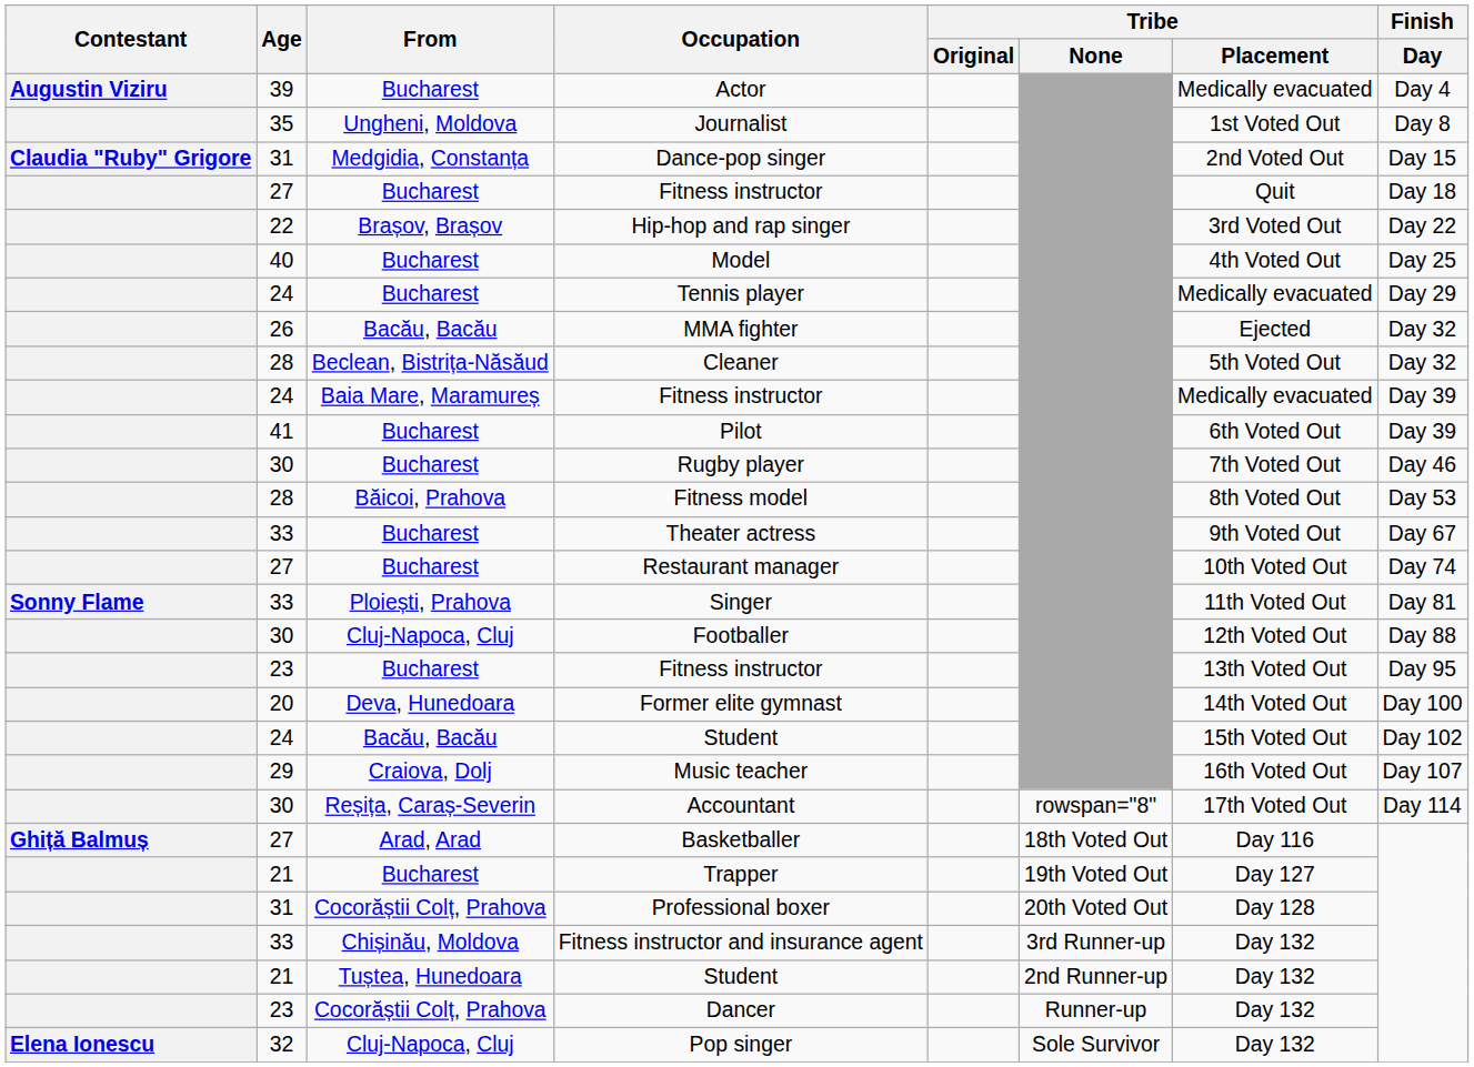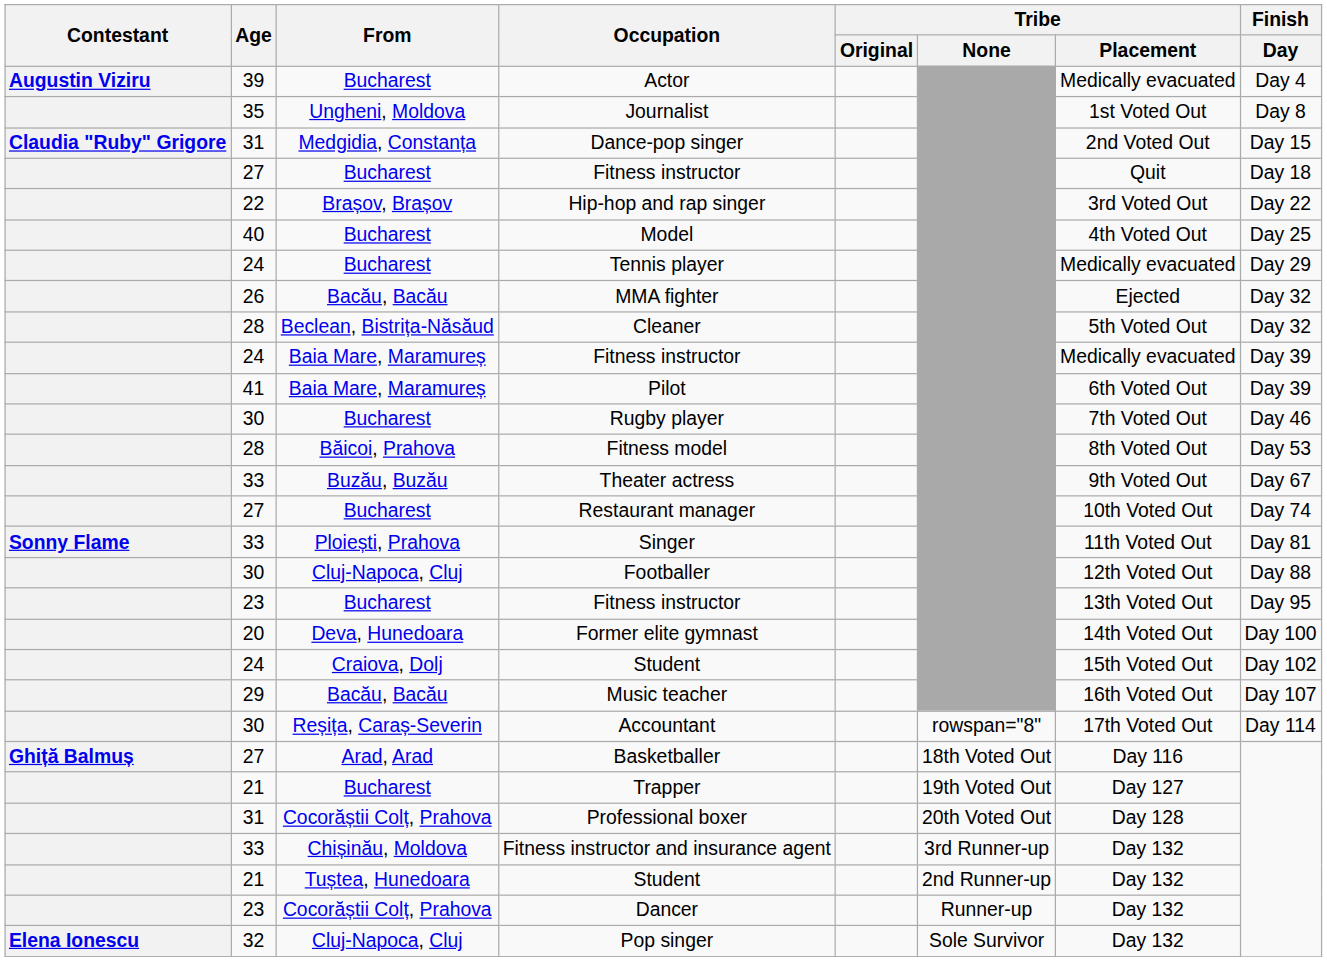 <table class="wikitable sortable" style="margin:auto; text-align:center">
 <tr>
 <th rowspan="2" scope="col">Contestant</th>
 <th rowspan="2" scope="col">Age</th>
 <th rowspan="2" scope="col">From</th>
 <th rowspan="2" scope="col">Occupation</th>
 <th colspan="3" scope="colgroup">Tribe</th>
 <th colspan="2" scope="colgroup">Finish</th>
 </tr>
 <tr>
 <th scope="col">Original</th>
 <th scope="col" class=unsortable>None</th>
 <th scope="col" class=unsortable>Placement</th>
 <th scope="col" class=unsortable>Day</th>
 </tr>
 <tr>
 <th style="text-align:left"><strong><a href='#'>Augustin Viziru</a></strong></th>
 <td>39</td>
 <td><a href='#'>Bucharest</a></td>
 <td>Actor</td>
 <td></td>
 <td rowspan="21" bgcolor="darkgrey"></td>
 <td>Medically evacuated</td>
 <td>Day 4</td>
 </tr>
 <tr>
 <th style="text-align:left"><strong></strong></th>
 <td>35</td>
 <td><a href='#'>Ungheni</a>, <a href='#'>Moldova</a></td>
 <td>Journalist</td>
 <td></td>
 <td>1st Voted Out</td>
 <td>Day 8</td>
 </tr>
 <tr>
 <th style="text-align:left"><strong><a href='#'>Claudia "Ruby" Grigore</a></strong></th>
 <td>31</td>
 <td><a href='#'>Medgidia</a>, <a href='#'>Constanța</a></td>
 <td>Dance-pop singer</td>
 <td></td>
 <td>2nd Voted Out</td>
 <td>Day 15</td>
 </tr>
 <tr>
 <th style="text-align:left"><strong></strong></th>
 <td>27</td>
 <td><a href='#'>Bucharest</a></td>
 <td>Fitness instructor</td>
 <td></td>
 <td>Quit</td>
 <td>Day 18</td>
 </tr>
 <tr>
 <th style="text-align:left"><strong></strong></th>
 <td>22</td>
 <td><a href='#'>Brașov</a>, <a href='#'>Brașov</a></td>
 <td>Hip-hop and rap singer</td>
 <td></td>
 <td>3rd Voted Out</td>
 <td>Day 22</td>
 </tr>
 <tr>
 <th style="text-align:left"><strong></strong></th>
 <td>40</td>
 <td><a href='#'>Bucharest</a></td>
 <td>Model</td>
 <td></td>
 <td>4th Voted Out</td>
 <td>Day 25</td>
 </tr>
 <tr>
 <th style="text-align:left"><strong></strong></th>
 <td>24</td>
 <td><a href='#'>Bucharest</a></td>
 <td>Tennis player</td>
 <td></td>
 <td>Medically evacuated</td>
 <td>Day 29</td>
 </tr>
 <tr>
 <th style="text-align:left"><strong></strong><br></th>
 <td>26</td>
 <td><a href='#'>Bacău</a>, <a href='#'>Bacău</a></td>
 <td>MMA fighter</td>
 <td></td>
 <td>Ejected</td>
 <td>Day 32</td>
 </tr>
 <tr>
 <th style="text-align:left"><strong></strong></th>
 <td>28</td>
 <td><a href='#'>Beclean</a>, <a href='#'>Bistrița-Năsăud</a></td>
 <td>Cleaner</td>
 <td></td>
 <td>5th Voted Out</td>
 <td>Day 32</td>
 </tr>
 <tr>
 <th style="text-align:left"><strong></strong></th>
 <td>24</td>
 <td><a href='#'>Baia Mare</a>, <a href='#'>Maramureș</a></td>
 <td>Fitness instructor</td>
 <td></td>
 <td>Medically evacuated</td>
 <td>Day 39</td>
 </tr>
 <tr>
 <th style="text-align:left"><strong></strong></th>
 <td>41</td>
-<td><a href='#'>Bucharest</a></td>
+<td><a href='#'>Baia Mare</a>, <a href='#'>Maramureș</a></td>
 <td>Pilot</td>
 <td></td>
 <td>6th Voted Out</td>
 <td>Day 39</td>
 </tr>
 <tr>
 <th style="text-align:left"><strong></strong></th>
 <td>30</td>
 <td><a href='#'>Bucharest</a></td>
 <td>Rugby player</td>
 <td></td>
 <td>7th Voted Out</td>
 <td>Day 46</td>
 </tr>
 <tr>
 <th style="text-align:left"><strong></strong></th>
 <td>28</td>
 <td><a href='#'>Băicoi</a>, <a href='#'>Prahova</a></td>
 <td>Fitness model</td>
 <td></td>
 <td>8th Voted Out</td>
 <td>Day 53</td>
 </tr>
 <tr>
 <th style="text-align:left"><strong></strong></th>
 <td>33</td>
-<td><a href='#'>Bucharest</a></td>
+<td><a href='#'>Buzău</a>, <a href='#'>Buzău</a></td>
 <td>Theater actress</td>
 <td></td>
 <td>9th Voted Out</td>
 <td>Day 67</td>
 </tr>
 <tr>
 <th style="text-align:left"><strong></strong></th>
 <td>27</td>
 <td><a href='#'>Bucharest</a></td>
 <td>Restaurant manager</td>
 <td></td>
 <td>10th Voted Out</td>
 <td>Day 74</td>
 </tr>
 <tr>
 <th style="text-align:left"><strong><a href='#'>Sonny Flame</a></strong></th>
 <td>33</td>
 <td><a href='#'>Ploiești</a>, <a href='#'>Prahova</a></td>
 <td>Singer</td>
 <td></td>
 <td>11th Voted Out</td>
 <td>Day 81</td>
 </tr>
 <tr>
 <th style="text-align:left"><strong></strong></th>
 <td>30</td>
 <td><a href='#'>Cluj-Napoca</a>, <a href='#'>Cluj</a></td>
 <td>Footballer</td>
 <td></td>
 <td>12th Voted Out</td>
 <td>Day 88</td>
 </tr>
 <tr>
 <th style="text-align:left"><strong></strong></th>
 <td>23</td>
 <td><a href='#'>Bucharest</a></td>
 <td>Fitness instructor</td>
 <td></td>
 <td>13th Voted Out</td>
 <td>Day 95</td>
 </tr>
 <tr>
 <th style="text-align:left"><strong></strong></th>
 <td>20</td>
 <td><a href='#'>Deva</a>, <a href='#'>Hunedoara</a></td>
 <td>Former elite gymnast</td>
 <td></td>
 <td>14th Voted Out</td>
 <td>Day 100</td>
 </tr>
 <tr>
 <th style="text-align:left"><strong></strong></th>
 <td>24</td>
-<td><a href='#'>Bacău</a>, <a href='#'>Bacău</a></td>
+<td><a href='#'>Craiova</a>, <a href='#'>Dolj</a></td>
 <td>Student</td>
 <td></td>
 <td>15th Voted Out</td>
 <td>Day 102</td>
 </tr>
 <tr>
 <th style="text-align:left"><strong></strong></th>
 <td>29</td>
-<td><a href='#'>Craiova</a>, <a href='#'>Dolj</a></td>
+<td><a href='#'>Bacău</a>, <a href='#'>Bacău</a></td>
 <td>Music teacher</td>
 <td></td>
 <td>16th Voted Out</td>
 <td>Day 107</td>
 </tr>
 <tr>
 <th style="text-align:left"><strong></strong></th>
 <td>30</td>
 <td><a href='#'>Reșița</a>, <a href='#'>Caraș-Severin</a></td>
 <td>Accountant</td>
 <td></td>
 <td>rowspan="8" </td>
 <td>17th Voted Out</td>
 <td>Day 114</td>
 </tr>
 <tr>
 <th style="text-align:left"><strong><a href='#'>Ghiță Balmuș</a></strong></th>
 <td>27</td>
 <td><a href='#'>Arad</a>, <a href='#'>Arad</a></td>
 <td>Basketballer</td>
 <td></td>
 <td>18th Voted Out</td>
 <td>Day 116</td>
 </tr>
 <tr>
 <th style="text-align:left"><strong></strong></th>
 <td>21</td>
 <td><a href='#'>Bucharest</a></td>
 <td>Trapper</td>
 <td></td>
 <td>19th Voted Out</td>
 <td>Day 127</td>
 </tr>
 <tr>
 <th style="text-align:left"><strong></strong></th>
 <td>31</td>
 <td><a href='#'>Cocorăștii Colț</a>, <a href='#'>Prahova</a></td>
 <td>Professional boxer</td>
 <td></td>
 <td>20th Voted Out</td>
 <td>Day 128</td>
 </tr>
 <tr>
 <th style="text-align:left"><strong></strong></th>
 <td>33</td>
 <td><a href='#'>Chișinău</a>, <a href='#'>Moldova</a></td>
 <td>Fitness instructor and insurance agent</td>
 <td></td>
 <td>3rd Runner-up</td>
 <td>Day 132</td>
 </tr>
 <tr>
 <th style="text-align:left"><strong></strong></th>
 <td>21</td>
 <td><a href='#'>Tuștea</a>, <a href='#'>Hunedoara</a></td>
 <td>Student</td>
 <td></td>
 <td>2nd Runner-up</td>
 <td>Day 132</td>
 </tr>
 <tr>
 <th style="text-align:left"><strong></strong></th>
 <td>23</td>
 <td><a href='#'>Cocorăștii Colț</a>, <a href='#'>Prahova</a></td>
 <td>Dancer</td>
 <td></td>
 <td>Runner-up</td>
 <td>Day 132</td>
 </tr>
 <tr>
 <th style="text-align:left"><strong><a href='#'>Elena Ionescu</a></strong></th>
 <td>32</td>
 <td><a href='#'>Cluj-Napoca</a>, <a href='#'>Cluj</a></td>
 <td>Pop singer</td>
 <td></td>
 <td>Sole Survivor</td>
 <td>Day 132</td>
 </tr>
 <tr>
 </tr>
 </table>
